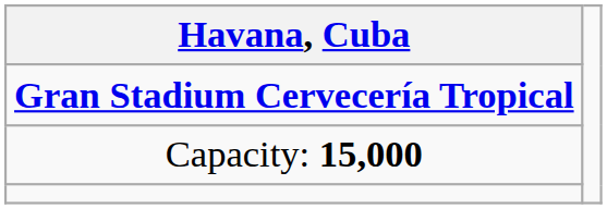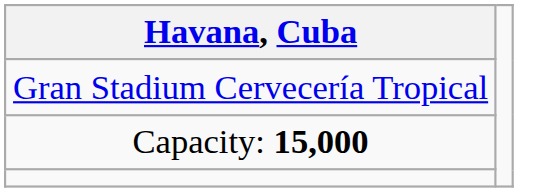 <table class="wikitable" style="text-align:center">
 <tr>
 <th><a href='#'>Havana</a>, <a href='#'>Cuba</a></th>
 <td rowspan=4></td>
 </tr>
 <tr>
-<td><strong><a href='#'>Gran Stadium Cervecería Tropical</a></strong></td>
+<td><a href='#'>Gran Stadium Cervecería Tropical</a></td>
 </tr>
 <tr>
 <td>Capacity: <strong>15,000</strong></td>
 </tr>
 <tr>
 <td></td>
 </tr>
 </table>
